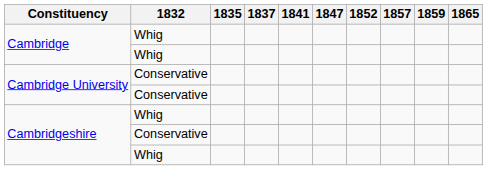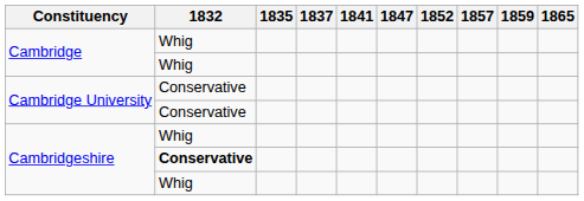 <table class=wikitable sortable>
 <tr>
 <th>Constituency</th>
 <th>1832</th>
 <th>1835</th>
 <th>1837</th>
 <th>1841</th>
 <th>1847</th>
 <th>1852</th>
 <th>1857</th>
 <th>1859</th>
 <th>1865</th>
 </tr>
 <tr>
 <td rowspan=2><a href='#'>Cambridge</a></td>
 <td bgcolor=>Whig</td>
 <td></td>
 <td></td>
 <td></td>
 <td></td>
 <td></td>
 <td></td>
 <td></td>
 <td></td>
 </tr>
 <tr>
 <td bgcolor=>Whig</td>
 <td></td>
 <td></td>
 <td></td>
 <td></td>
 <td></td>
 <td></td>
 <td></td>
 <td></td>
 </tr>
 <tr>
 <td rowspan=2><a href='#'>Cambridge University</a></td>
 <td bgcolor=>Conservative</td>
 <td></td>
 <td></td>
 <td></td>
 <td></td>
 <td></td>
 <td></td>
 <td></td>
 <td></td>
 </tr>
 <tr>
 <td bgcolor=>Conservative</td>
 <td></td>
 <td></td>
 <td></td>
 <td></td>
 <td></td>
 <td></td>
 <td></td>
 <td></td>
 </tr>
 <tr>
 <td rowspan=3><a href='#'>Cambridgeshire</a></td>
 <td bgcolor=>Whig</td>
 <td></td>
 <td></td>
 <td></td>
 <td></td>
 <td></td>
 <td></td>
 <td></td>
 <td></td>
 </tr>
 <tr>
-<td bgcolor=>Conservative</td>
+<td bgcolor=><strong>Conservative</strong></td>
 <td></td>
 <td></td>
 <td></td>
 <td></td>
 <td></td>
 <td></td>
 <td></td>
 <td></td>
 </tr>
 <tr>
 <td bgcolor=>Whig</td>
 <td></td>
 <td></td>
 <td></td>
 <td></td>
 <td></td>
 <td></td>
 <td></td>
 <td></td>
 </tr>
 </table>
